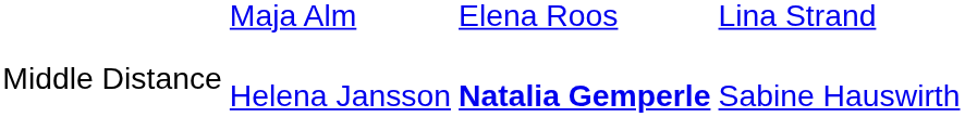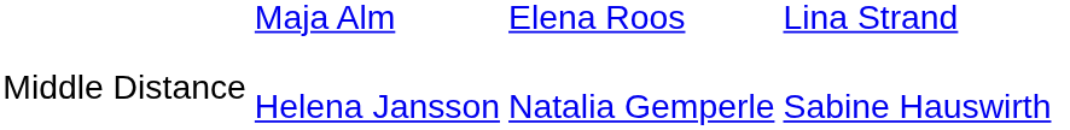 <table>
 <tr>
 <td><br></td>
 <td><br><a href='#'>Maja Alm</a></td>
 <td><br><a href='#'>Elena Roos</a></td>
 <td><br><a href='#'>Lina Strand</a></td>
 </tr>
 <tr bgcolor=#DDDDDD>
 </tr>
 <tr>
 <td>Middle Distance<br></td>
 <td><br><a href='#'>Helena Jansson</a></td>
-<td><strong><br><a href='#'>Natalia Gemperle</a></strong></td>
+<td><br><a href='#'>Natalia Gemperle</a></td>
 <td><br><a href='#'>Sabine Hauswirth</a></td>
 </tr>
 <tr bgcolor=#DDDDDD>
 </tr>
 </table>
